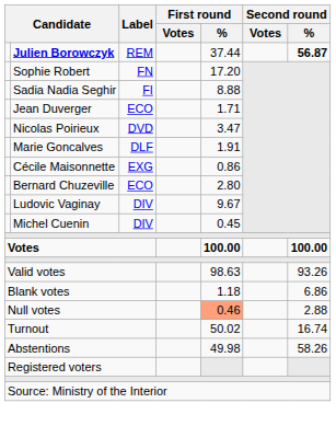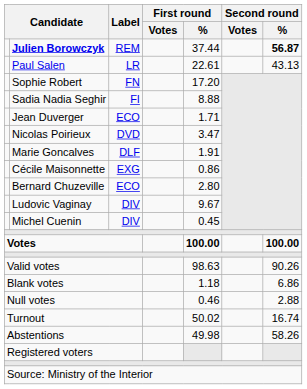 <table class="wikitable" style="text-align:right;font-size:95%;">
 <tr>
 <th rowspan="2" colspan="2">Candidate</th>
 <th rowspan="2">Label</th>
 <th colspan="2">First round</th>
 <th colspan="2">Second round</th>
 </tr>
 <tr>
 <th style="width:50px;">Votes</th>
 <th style="width:45px;">%</th>
 <th style="width:50px;">Votes</th>
 <th style="width:45px;">%</th>
 </tr>
 <tr>
 <td style="color:inherit;background:"></td>
 <td style="text-align:left;"><strong><a href='#'>Julien Borowczyk</a></strong></td>
 <td><a href='#'>REM</a></td>
 <td></td>
 <td>37.44</td>
 <td><strong></strong></td>
 <td><strong>56.87</strong></td>
+</tr>
+<tr>
+<td style="color:inherit;background:"></td>
+<td style="text-align:left;"><a href='#'>Paul Salen</a></td>
+<td><a href='#'>LR</a></td>
+<td></td>
+<td>22.61</td>
+<td></td>
+<td>43.13</td>
 </tr>
 <tr>
 <td style="color:inherit;background:"></td>
 <td style="text-align:left;">Sophie Robert</td>
 <td><a href='#'>FN</a></td>
 <td></td>
 <td>17.20</td>
 <td colspan="2" rowspan="9" style="background:#E9E9E9;"></td>
 </tr>
 <tr>
 <td style="color:inherit;background:"></td>
 <td style="text-align:left;">Sadia Nadia Seghir</td>
 <td><a href='#'>FI</a></td>
 <td></td>
 <td>8.88</td>
 </tr>
 <tr>
 <td style="color:inherit;background:"></td>
 <td style="text-align:left;">Jean Duverger</td>
 <td><a href='#'>ECO</a></td>
 <td></td>
 <td>1.71</td>
 </tr>
 <tr>
 <td style="color:inherit;background:"></td>
 <td style="text-align:left;">Nicolas Poirieux</td>
 <td><a href='#'>DVD</a></td>
 <td></td>
 <td>3.47</td>
 </tr>
 <tr>
 <td style="color:inherit;background:"></td>
 <td style="text-align:left;">Marie Goncalves</td>
 <td><a href='#'>DLF</a></td>
 <td></td>
 <td>1.91</td>
 </tr>
 <tr>
 <td style="color:inherit;background:"></td>
 <td style="text-align:left;">Cécile Maisonnette</td>
 <td><a href='#'>EXG</a></td>
 <td></td>
 <td>0.86</td>
 </tr>
 <tr>
 <td style="color:inherit;background:"></td>
 <td style="text-align:left;">Bernard Chuzeville</td>
 <td><a href='#'>ECO</a></td>
 <td></td>
 <td>2.80</td>
 </tr>
 <tr>
 <td style="color:inherit;background:"></td>
 <td style="text-align:left;">Ludovic Vaginay</td>
 <td><a href='#'>DIV</a></td>
 <td></td>
 <td>9.67</td>
 </tr>
 <tr>
 <td style="color:inherit;background:"></td>
 <td style="text-align:left;">Michel Cuenin</td>
 <td><a href='#'>DIV</a></td>
 <td></td>
 <td>0.45</td>
 </tr>
 <tr>
 <td colspan="7" style="background:#E9E9E9;"></td>
 </tr>
 <tr style="font-weight:bold;">
 <td colspan="3" style="text-align:left;">Votes</td>
 <td></td>
 <td>100.00</td>
 <td></td>
 <td>100.00</td>
 </tr>
 <tr>
 <td colspan="7" style="background:#E9E9E9;"></td>
 </tr>
 <tr>
 <td colspan="3" style="text-align:left;">Valid votes</td>
 <td></td>
 <td>98.63</td>
 <td></td>
-<td>93.26</td>
+<td>90.26</td>
 </tr>
 <tr>
 <td colspan="3" style="text-align:left;">Blank votes</td>
 <td></td>
 <td>1.18</td>
 <td></td>
 <td>6.86</td>
 </tr>
 <tr>
 <td colspan="3" style="text-align:left;">Null votes</td>
 <td></td>
-<td style="background: lightsalmon;">0.46</td>
+<td>0.46</td>
 <td></td>
 <td>2.88</td>
 </tr>
 <tr>
 <td colspan="3" style="text-align:left;">Turnout</td>
 <td></td>
 <td>50.02</td>
 <td></td>
 <td>16.74</td>
 </tr>
 <tr>
 <td colspan="3" style="text-align:left;">Abstentions</td>
 <td></td>
 <td>49.98</td>
 <td></td>
 <td>58.26</td>
 </tr>
 <tr>
 <td colspan="3" style="text-align:left;">Registered voters</td>
 <td></td>
 <td style="color:inherit;background:#E9E9E9;"></td>
 <td></td>
 <td style="color:inherit;background:#E9E9E9;"></td>
 </tr>
 <tr>
 <td colspan="7" style="background:#E9E9E9;"></td>
 </tr>
 <tr>
 <td colspan="7" style="text-align:left;">Source: Ministry of the Interior</td>
 </tr>
 </table>
